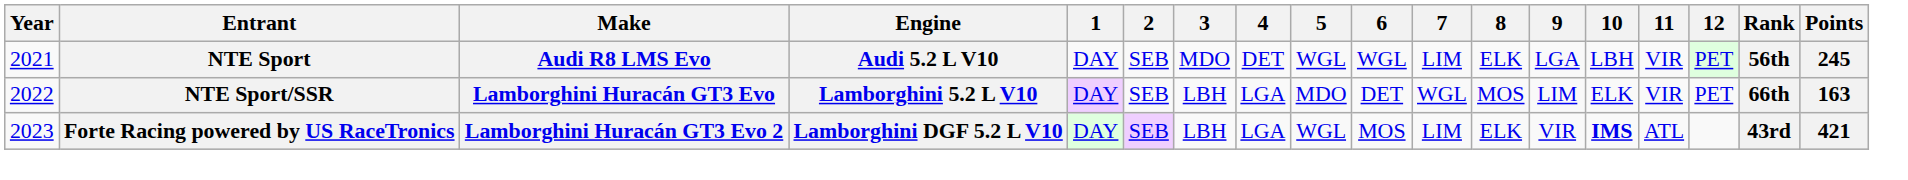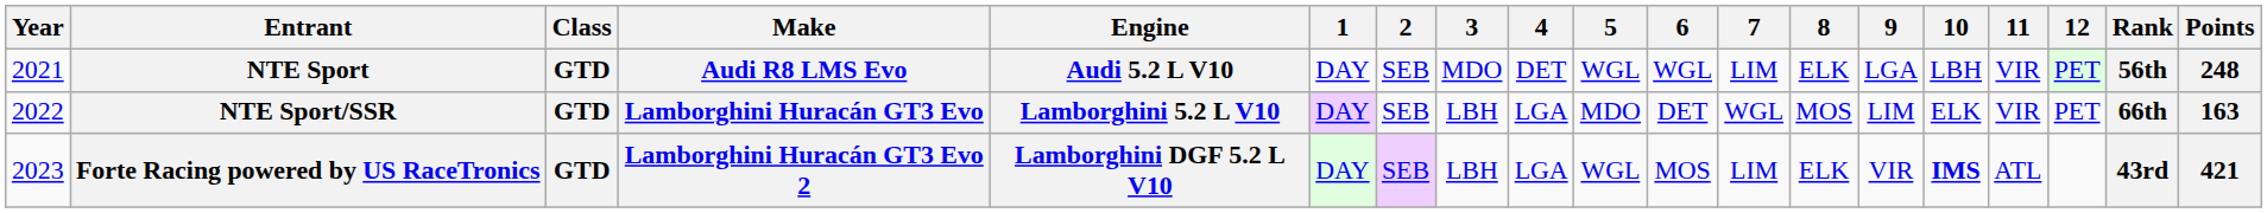 <table class="wikitable" style="text-align:center; font-size:90%">
 <tr>
 <th>Year</th>
 <th>Entrant</th>
+<th>Class</th>
 <th>Make</th>
 <th>Engine</th>
 <th>1</th>
 <th>2</th>
 <th>3</th>
 <th>4</th>
 <th>5</th>
 <th>6</th>
 <th>7</th>
 <th>8</th>
 <th>9</th>
 <th>10</th>
 <th>11</th>
 <th>12</th>
 <th>Rank</th>
 <th>Points</th>
 </tr>
 <tr>
 <td><a href='#'>2021</a></td>
 <th>NTE Sport</th>
+<th>GTD</th>
 <th><a href='#'>Audi R8 LMS Evo</a></th>
 <th><a href='#'>Audi</a> 5.2 L V10</th>
 <td><a href='#'>DAY</a></td>
 <td><a href='#'>SEB</a></td>
 <td><a href='#'>MDO</a></td>
 <td><a href='#'>DET</a></td>
 <td><a href='#'>WGL</a></td>
 <td><a href='#'>WGL</a></td>
 <td><a href='#'>LIM</a></td>
 <td><a href='#'>ELK</a></td>
 <td><a href='#'>LGA</a></td>
 <td><a href='#'>LBH</a></td>
 <td><a href='#'>VIR</a></td>
 <td style="background:#DFFFDF"><a href='#'>PET</a><br></td>
 <th>56th</th>
-<th>245</th>
+<th>248</th>
 </tr>
 <tr>
 <td><a href='#'>2022</a></td>
 <th>NTE Sport/SSR</th>
+<th>GTD</th>
 <th><a href='#'>Lamborghini Huracán GT3 Evo</a></th>
 <th><a href='#'>Lamborghini</a> 5.2 L <a href='#'>V10</a></th>
 <td style="background:#EFCFFF;"><a href='#'>DAY</a><br></td>
 <td style="background:#;”"><a href='#'>SEB</a><br></td>
 <td style="background:#;”"><a href='#'>LBH</a><br></td>
 <td style="background:#;”"><a href='#'>LGA</a><br></td>
 <td style="background:#;”"><a href='#'>MDO</a><br></td>
 <td style="background:#;”"><a href='#'>DET</a><br></td>
 <td style="background:#;”"><a href='#'>WGL</a><br></td>
 <td style="background:#;”"><a href='#'>MOS</a><br></td>
 <td style="background:#;”"><a href='#'>LIM</a><br></td>
 <td style="background:#;”"><a href='#'>ELK</a><br></td>
 <td style="background:#;”"><a href='#'>VIR</a><br></td>
 <td style="background:#;”"><a href='#'>PET</a><br></td>
 <th>66th</th>
 <th>163</th>
 </tr>
 <tr>
 <td><a href='#'>2023</a></td>
 <th nowrap>Forte Racing powered by <a href='#'>US RaceTronics</a></th>
+<th>GTD</th>
 <th><a href='#'>Lamborghini Huracán GT3 Evo 2</a></th>
 <th><a href='#'>Lamborghini</a> DGF 5.2 L <a href='#'>V10</a></th>
 <td style="background:#dfffdf;"><a href='#'>DAY</a><br></td>
 <td style="background:#efcfff;"><a href='#'>SEB</a><br></td>
 <td><a href='#'>LBH</a></td>
 <td><a href='#'>LGA</a></td>
 <td><a href='#'>WGL</a></td>
 <td><a href='#'>MOS</a></td>
 <td><a href='#'>LIM</a></td>
 <td><a href='#'>ELK</a></td>
 <td><a href='#'>VIR</a></td>
 <td><strong><a href='#'>IMS</a></strong></td>
 <td><a href='#'>ATL</a></td>
 <td></td>
 <th>43rd</th>
 <th>421</th>
 </tr>
 </table>
